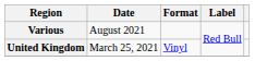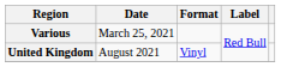 <table class="wikitable plainrowheaders">
 <tr>
 <th scope="col">Region</th>
 <th scope="col">Date</th>
 <th scope="col">Format</th>
 <th scope="col">Label</th>
 <th scope="col"></th>
 </tr>
 <tr>
 <th scope="row">Various</th>
-<td>August 2021</td>
+<td>March 25, 2021</td>
 <td></td>
 <td rowspan="2"><a href='#'>Red Bull</a></td>
 <td align="center"></td>
 </tr>
 <tr>
 <th scope="row">United Kingdom</th>
-<td>March 25, 2021</td>
+<td>August 2021</td>
 <td><a href='#'>Vinyl</a></td>
 <td align="center"></td>
 </tr>
 <tr>
 </tr>
 </table>
